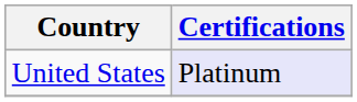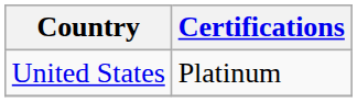 <table class="wikitable">
 <tr>
 <th>Country</th>
 <th><a href='#'>Certifications</a></th>
 </tr>
 <tr>
 <td><a href='#'>United States</a></td>
-<td style="background: lavender;">Platinum</td>
+<td>Platinum</td>
 </tr>
 <tr>
 </tr>
 </table>
